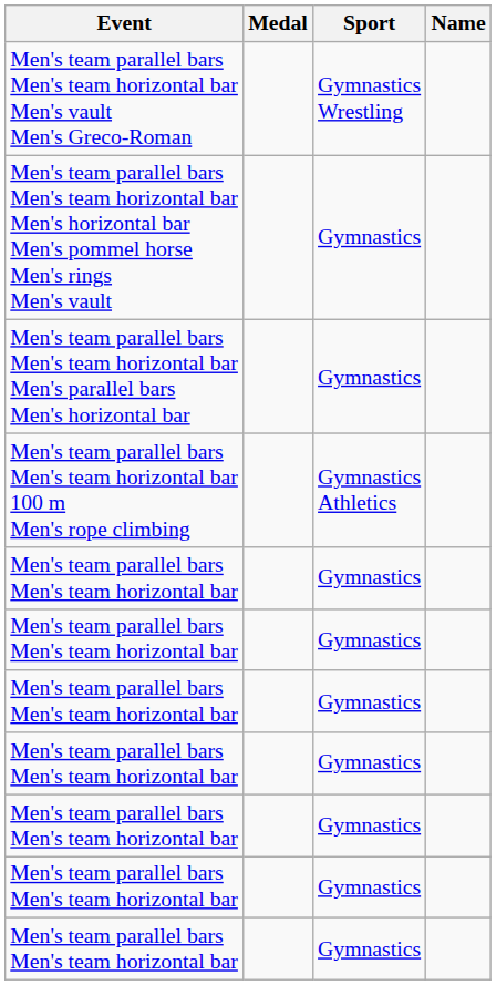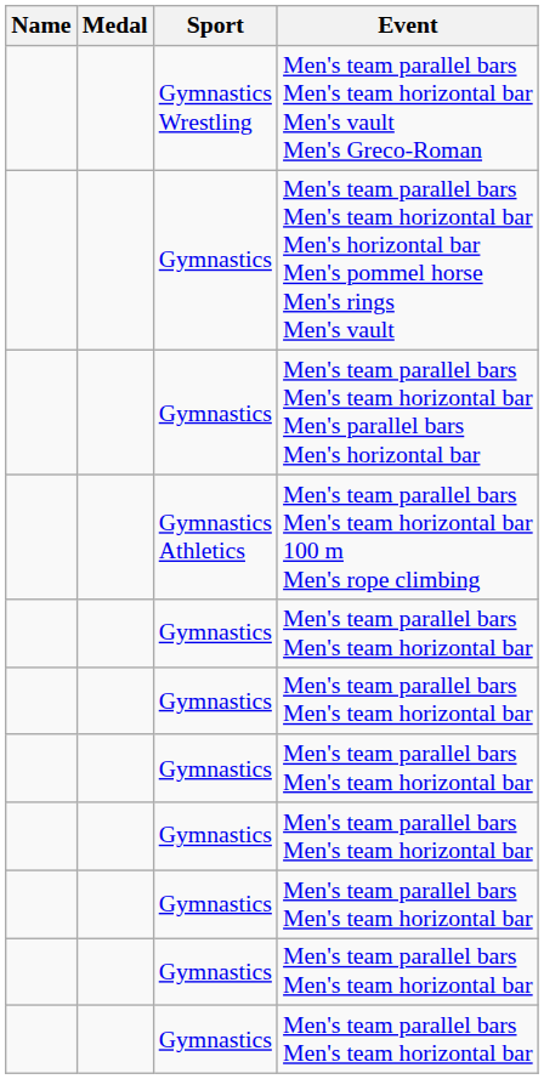 <table class="wikitable sortable" style="font-size:90%">
 <tr>
-<th>Event</th>
+<th>Name</th>
 <th>Medal</th>
 <th>Sport</th>
-<th>Name</th>
+<th>Event</th>
 </tr>
 <tr>
-<td><a href='#'>Men's team parallel bars</a><br><a href='#'>Men's team horizontal bar</a><br><a href='#'>Men's vault</a><br><a href='#'>Men's Greco-Roman</a></td>
+<td></td>
 <td><br><br><br></td>
 <td><a href='#'>Gymnastics</a><br><a href='#'>Wrestling</a></td>
-<td></td>
+<td><a href='#'>Men's team parallel bars</a><br><a href='#'>Men's team horizontal bar</a><br><a href='#'>Men's vault</a><br><a href='#'>Men's Greco-Roman</a></td>
 </tr>
 <tr>
-<td><a href='#'>Men's team parallel bars</a><br><a href='#'>Men's team horizontal bar</a><br><a href='#'>Men's horizontal bar</a><br><a href='#'>Men's pommel horse</a><br><a href='#'>Men's rings</a><br><a href='#'>Men's vault</a></td>
+<td></td>
 <td><br><br><br><br><br></td>
 <td><a href='#'>Gymnastics</a></td>
-<td></td>
+<td><a href='#'>Men's team parallel bars</a><br><a href='#'>Men's team horizontal bar</a><br><a href='#'>Men's horizontal bar</a><br><a href='#'>Men's pommel horse</a><br><a href='#'>Men's rings</a><br><a href='#'>Men's vault</a></td>
 </tr>
 <tr>
-<td><a href='#'>Men's team parallel bars</a><br><a href='#'>Men's team horizontal bar</a><br><a href='#'>Men's parallel bars</a><br><a href='#'>Men's horizontal bar</a></td>
+<td></td>
 <td><br><br><br></td>
 <td><a href='#'>Gymnastics</a></td>
-<td></td>
+<td><a href='#'>Men's team parallel bars</a><br><a href='#'>Men's team horizontal bar</a><br><a href='#'>Men's parallel bars</a><br><a href='#'>Men's horizontal bar</a></td>
 </tr>
 <tr>
-<td><a href='#'>Men's team parallel bars</a><br><a href='#'>Men's team horizontal bar</a><br><a href='#'>100 m</a><br><a href='#'>Men's rope climbing</a></td>
+<td></td>
 <td><br><br><br></td>
 <td><a href='#'>Gymnastics</a><br><a href='#'>Athletics</a></td>
-<td></td>
+<td><a href='#'>Men's team parallel bars</a><br><a href='#'>Men's team horizontal bar</a><br><a href='#'>100 m</a><br><a href='#'>Men's rope climbing</a></td>
 </tr>
 <tr>
-<td><a href='#'>Men's team parallel bars</a><br><a href='#'>Men's team horizontal bar</a></td>
+<td></td>
 <td><br></td>
 <td><a href='#'>Gymnastics</a></td>
-<td></td>
+<td><a href='#'>Men's team parallel bars</a><br><a href='#'>Men's team horizontal bar</a></td>
 </tr>
 <tr>
-<td><a href='#'>Men's team parallel bars</a><br><a href='#'>Men's team horizontal bar</a></td>
+<td></td>
 <td><br></td>
 <td><a href='#'>Gymnastics</a></td>
-<td></td>
+<td><a href='#'>Men's team parallel bars</a><br><a href='#'>Men's team horizontal bar</a></td>
 </tr>
 <tr>
-<td><a href='#'>Men's team parallel bars</a><br><a href='#'>Men's team horizontal bar</a></td>
+<td></td>
 <td><br></td>
 <td><a href='#'>Gymnastics</a></td>
-<td></td>
+<td><a href='#'>Men's team parallel bars</a><br><a href='#'>Men's team horizontal bar</a></td>
 </tr>
 <tr>
-<td><a href='#'>Men's team parallel bars</a><br><a href='#'>Men's team horizontal bar</a></td>
+<td></td>
 <td><br></td>
 <td><a href='#'>Gymnastics</a></td>
-<td></td>
+<td><a href='#'>Men's team parallel bars</a><br><a href='#'>Men's team horizontal bar</a></td>
 </tr>
 <tr>
-<td><a href='#'>Men's team parallel bars</a><br><a href='#'>Men's team horizontal bar</a></td>
+<td></td>
 <td><br></td>
 <td><a href='#'>Gymnastics</a></td>
-<td></td>
+<td><a href='#'>Men's team parallel bars</a><br><a href='#'>Men's team horizontal bar</a></td>
 </tr>
 <tr>
-<td><a href='#'>Men's team parallel bars</a><br><a href='#'>Men's team horizontal bar</a></td>
+<td></td>
 <td><br></td>
 <td><a href='#'>Gymnastics</a></td>
-<td></td>
+<td><a href='#'>Men's team parallel bars</a><br><a href='#'>Men's team horizontal bar</a></td>
 </tr>
 <tr>
-<td><a href='#'>Men's team parallel bars</a><br><a href='#'>Men's team horizontal bar</a></td>
+<td></td>
 <td><br></td>
 <td><a href='#'>Gymnastics</a></td>
-<td></td>
+<td><a href='#'>Men's team parallel bars</a><br><a href='#'>Men's team horizontal bar</a></td>
 </tr>
 </table>
